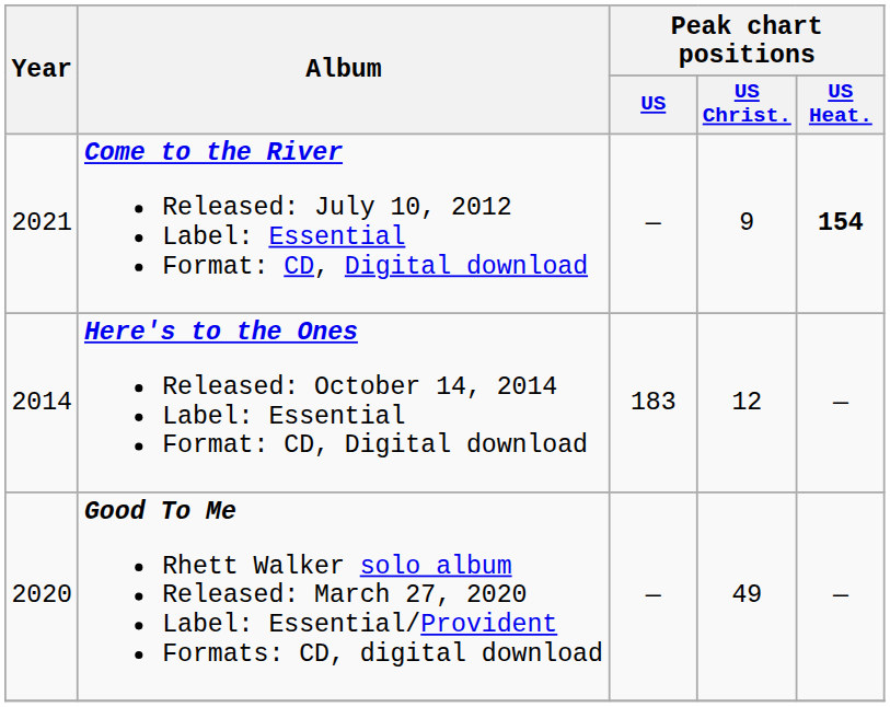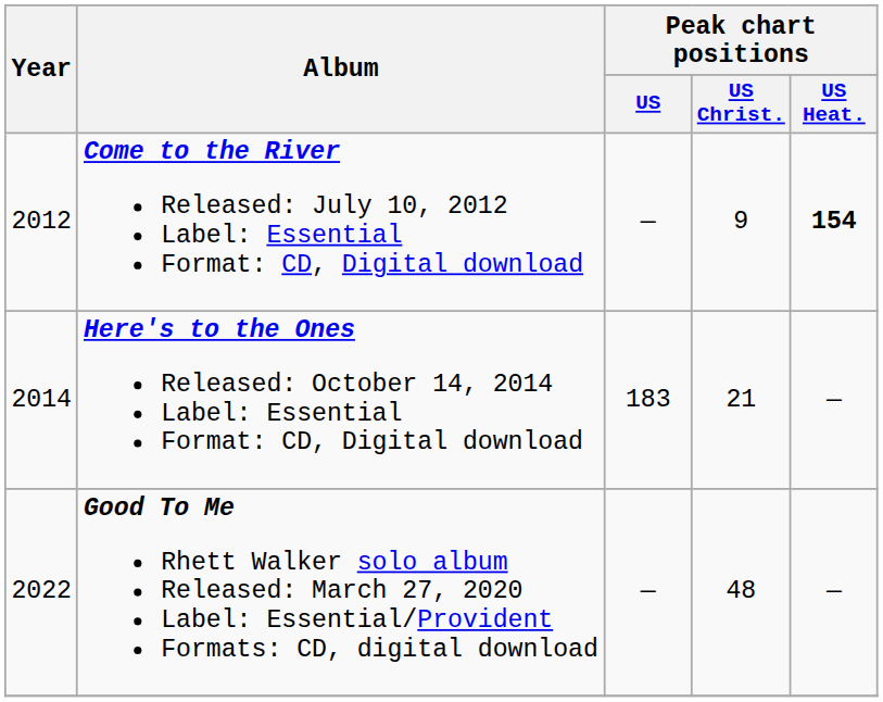 <table class="wikitable" style="text-align:center;">
 <tr>
 <th rowspan="2">Year</th>
 <th rowspan="2">Album</th>
 <th colspan="3">Peak chart positions</th>
 </tr>
 <tr style="font-size:smaller;">
 <th style="width:40px;"><a href='#'>US</a><br></th>
 <th style="width:40px;"><a href='#'>US<br>Christ.</a></th>
 <th style="width:40px;"><a href='#'>US<br>Heat.</a></th>
 </tr>
 <tr>
-<td>2021</td>
+<td>2012</td>
 <td style="text-align:left;"><strong><em><a href='#'>Come to the River</a></em></strong><br><ul><li>Released: July 10, 2012</li><li>Label: <a href='#'>Essential</a></li><li>Format: <a href='#'>CD</a>, <a href='#'>Digital download</a></li></ul></td>
 <td>—</td>
 <td>9</td>
 <td><strong>154</strong></td>
 </tr>
 <tr>
 <td>2014</td>
 <td style="text-align:left;"><strong><em><a href='#'>Here's to the Ones</a></em></strong><br><ul><li>Released: October 14, 2014</li><li>Label: Essential</li><li>Format: CD, Digital download</li></ul></td>
 <td>183</td>
-<td>12</td>
+<td>21</td>
 <td>—</td>
 </tr>
 <tr>
-<td>2020</td>
+<td>2022</td>
 <td style="text-align:left;"><strong><em>Good To Me</em></strong><br><ul><li>Rhett Walker <a href='#'>solo album</a></li><li>Released: March 27, 2020</li><li>Label: Essential/<a href='#'>Provident</a></li><li>Formats: CD, digital download</li></ul></td>
 <td>—</td>
-<td>49</td>
+<td>48</td>
 <td>—</td>
 </tr>
 <tr>
 </tr>
 </table>
